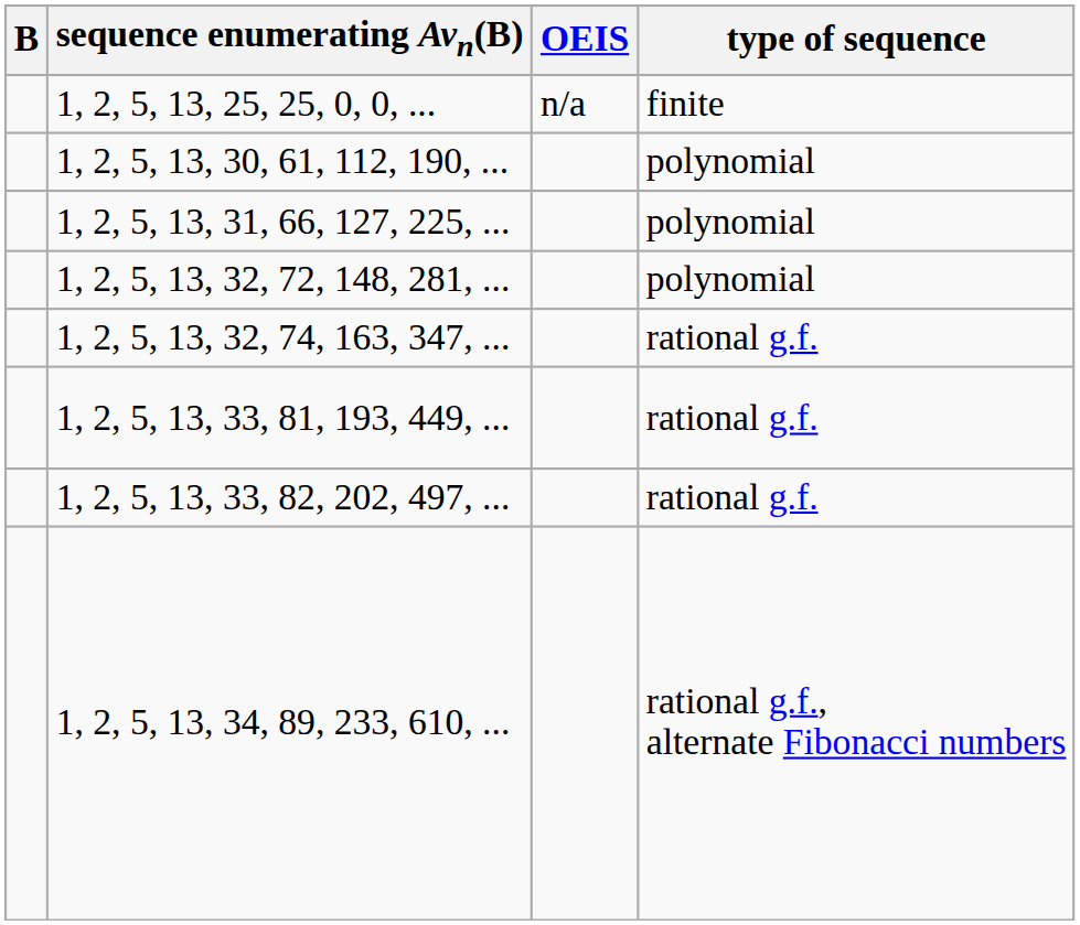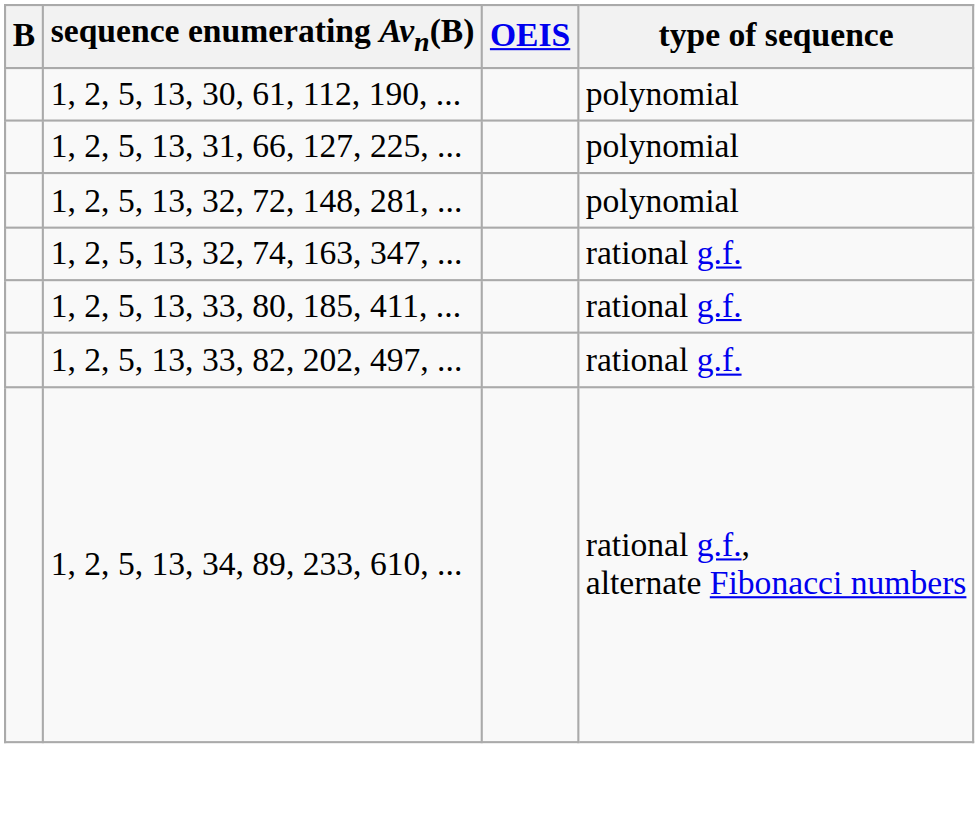 <table class="wikitable" style="text-align:left;" border="1" cell-padding="2">
 <tr>
 <th>B</th>
 <th>sequence enumerating <em>Av<sub>n</sub></em>(B)</th>
 <th><a href='#'>OEIS</a></th>
 <th>type of sequence</th>
-</tr>
-<tr>
-<td></td>
-<td>1, 2, 5, 13, 25, 25, 0, 0, ...</td>
-<td>n/a</td>
-<td>finite</td>
 </tr>
 <tr>
 <td></td>
 <td>1, 2, 5, 13, 30, 61, 112, 190, ...</td>
 <td></td>
 <td>polynomial</td>
 </tr>
 <tr>
 <td></td>
 <td>1, 2, 5, 13, 31, 66, 127, 225, ...</td>
 <td></td>
 <td>polynomial</td>
 </tr>
 <tr>
 <td></td>
 <td>1, 2, 5, 13, 32, 72, 148, 281, ...</td>
 <td></td>
 <td>polynomial</td>
 </tr>
 <tr>
 <td></td>
 <td>1, 2, 5, 13, 32, 74, 163, 347, ...</td>
 <td></td>
 <td>rational <a href='#'>g.f.</a></td>
 </tr>
 <tr>
-<td><br> <br> </td>
-<td>1, 2, 5, 13, 33, 81, 193, 449, ...</td>
+<td></td>
+<td>1, 2, 5, 13, 33, 80, 185, 411, ...</td>
 <td></td>
 <td>rational <a href='#'>g.f.</a></td>
 </tr>
 <tr>
 <td></td>
 <td>1, 2, 5, 13, 33, 82, 202, 497, ...</td>
 <td></td>
 <td>rational <a href='#'>g.f.</a></td>
 </tr>
 <tr>
 <td><br> <br>  <br>  <br>  <br>  <br>  <br>  <br>  <br> </td>
 <td>1, 2, 5, 13, 34, 89, 233, 610, ...</td>
 <td></td>
 <td>rational <a href='#'>g.f.</a>, <br> alternate <a href='#'>Fibonacci numbers</a></td>
 </tr>
 </table>
